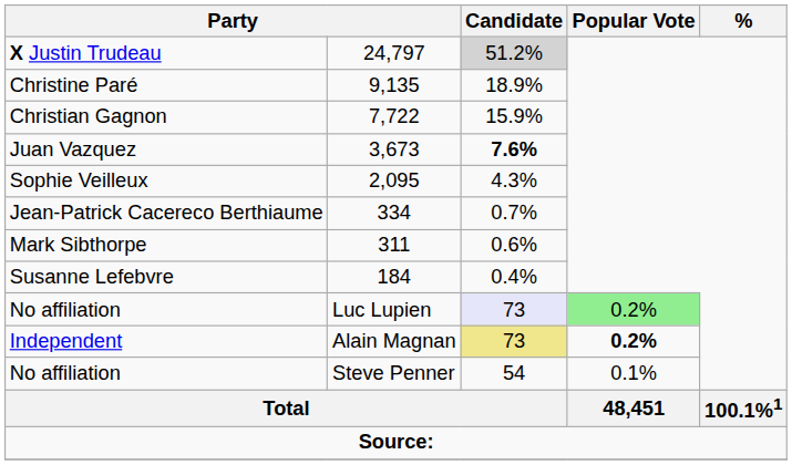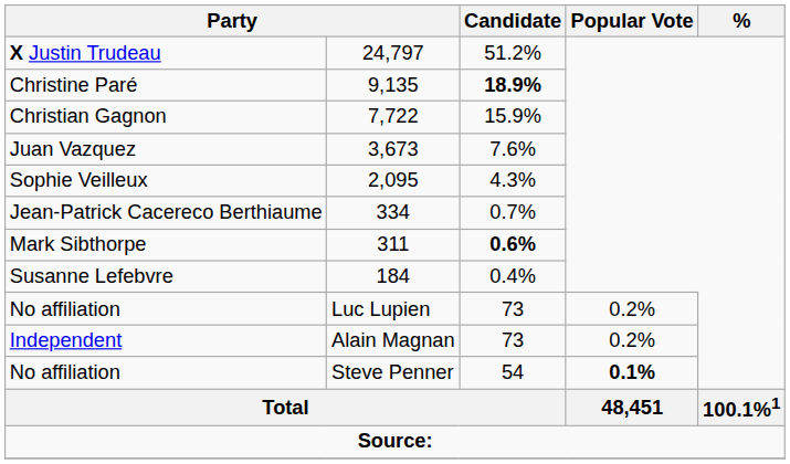 <table class="wikitable">
 <tr>
 <th colspan="2">Party</th>
 <th>Candidate</th>
 <th>Popular Vote</th>
 <th>%</th>
 </tr>
 <tr>
 <td> <strong>X</strong> <a href='#'>Justin Trudeau</a></td>
 <td align=center>24,797</td>
-<td align=center style="background: lightgrey;">51.2%</td>
+<td align=center>51.2%</td>
 </tr>
 <tr>
 <td>Christine Paré</td>
 <td align=center>9,135</td>
-<td align=center>18.9%</td>
+<td align=center><strong>18.9%</strong></td>
 </tr>
 <tr>
 <td>Christian Gagnon</td>
 <td align=center>7,722</td>
 <td align=center>15.9%</td>
 </tr>
 <tr>
 <td>Juan Vazquez</td>
 <td align=center>3,673</td>
-<td align=center><strong>7.6%</strong></td>
+<td align=center>7.6%</td>
 </tr>
 <tr>
 <td>Sophie Veilleux</td>
 <td align=center>2,095</td>
 <td align=center>4.3%</td>
 </tr>
 <tr>
 <td>Jean-Patrick Cacereco Berthiaume</td>
 <td align=center>334</td>
 <td align=center>0.7%</td>
 </tr>
 <tr>
 <td>Mark Sibthorpe</td>
 <td align=center>311</td>
-<td align=center>0.6%</td>
+<td align=center><strong>0.6%</strong></td>
 </tr>
 <tr>
 <td>Susanne Lefebvre</td>
 <td align=center>184</td>
 <td align=center>0.4%</td>
 </tr>
 <tr>
 <td>No affiliation</td>
 <td>Luc Lupien</td>
-<td align=center style="background: lavender;">73</td>
-<td align=center style="background: lightgreen;">0.2%</td>
+<td align=center>73</td>
+<td align=center>0.2%</td>
 </tr>
 <tr>
 <td><a href='#'>Independent</a></td>
 <td>Alain Magnan</td>
-<td align=center style="background: khaki;">73</td>
-<td align=center><strong>0.2%</strong></td>
+<td align=center>73</td>
+<td align=center>0.2%</td>
 </tr>
 <tr>
 <td>No affiliation</td>
 <td>Steve Penner</td>
 <td align=center>54</td>
-<td align=center>0.1%</td>
+<td align=center><strong>0.1%</strong></td>
 </tr>
 <tr>
 <th colspan=3>Total</th>
 <th>48,451</th>
 <th>100.1%<sup>1</sup></th>
 </tr>
 <tr>
 <td align="center" colspan=5><strong>Source:</strong> </td>
 </tr>
 <tr>
 </tr>
 </table>
